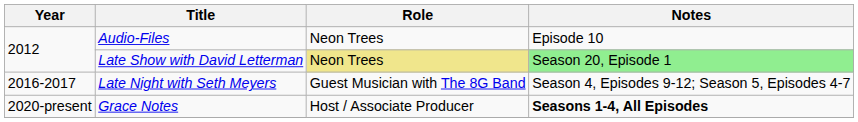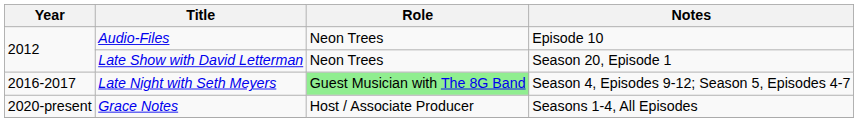 <table class="wikitable">
 <tr>
 <th>Year</th>
 <th>Title</th>
 <th>Role</th>
 <th>Notes</th>
 </tr>
 <tr>
 <td rowspan="2">2012</td>
 <td><em><a href='#'>Audio-Files</a></em></td>
 <td>Neon Trees</td>
 <td>Episode 10</td>
 </tr>
 <tr>
 <td><em><a href='#'>Late Show with David Letterman</a></em></td>
-<td style="background: khaki;">Neon Trees</td>
-<td style="background: lightgreen;">Season 20, Episode 1</td>
+<td>Neon Trees</td>
+<td>Season 20, Episode 1</td>
 </tr>
 <tr>
 <td>2016-2017</td>
 <td><em><a href='#'>Late Night with Seth Meyers</a></em></td>
-<td>Guest Musician with <a href='#'>The 8G Band</a></td>
+<td style="background: lightgreen;">Guest Musician with <a href='#'>The 8G Band</a></td>
 <td>Season 4, Episodes 9-12; Season 5, Episodes 4-7</td>
 </tr>
 <tr>
 <td>2020-present</td>
 <td><em><a href='#'>Grace Notes</a></em></td>
 <td>Host / Associate Producer</td>
-<td><strong>Seasons 1-4, All Episodes</strong></td>
+<td>Seasons 1-4, All Episodes</td>
 </tr>
 <tr>
 </tr>
 </table>
